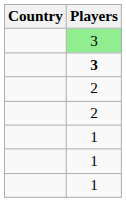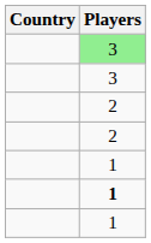 <table class="sortable wikitable">
 <tr>
 <th>Country</th>
 <th>Players</th>
 </tr>
 <tr>
 <td></td>
 <td align=center style="background: lightgreen;">3</td>
 </tr>
 <tr>
 <td></td>
-<td align=center><strong>3</strong></td>
+<td align=center>3</td>
 </tr>
 <tr>
 <td></td>
 <td align=center>2</td>
 </tr>
 <tr>
 <td></td>
 <td align=center>2</td>
 </tr>
 <tr>
 <td></td>
 <td align=center>1</td>
 </tr>
 <tr>
 <td></td>
-<td align=center>1</td>
+<td align=center><strong>1</strong></td>
 </tr>
 <tr>
 <td></td>
 <td align=center>1</td>
 </tr>
 </table>
